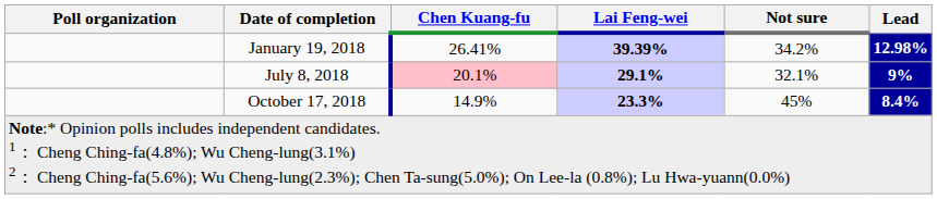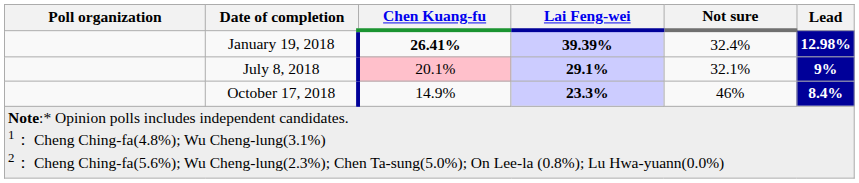 <table class="wikitable collapsible sortable" style="text-align:center">
 <tr>
 <th style="width:200px;">Poll organization</th>
 <th style="width:150px;">Date of completion</th>
 <th style="width:150px; border-bottom:4px solid #1B9431;"> <a href='#'>Chen Kuang-fu</a></th>
 <th style="width:150px; border-bottom:4px solid #000099;"> <a href='#'>Lai Feng-wei</a></th>
 <th style="width:130px; border-bottom:4px solid #707070;"> Not sure</th>
 <th style="width:40px;">Lead</th>
 </tr>
 <tr>
 <td></td>
 <td>January 19, 2018</td>
-<td style="border-left:4px solid #000099;">26.41%</td>
+<td style="border-left:4px solid #000099;"><strong>26.41%</strong></td>
 <td style="background-color:#CCCCFF;"><strong>39.39%</strong></td>
-<td>34.2%</td>
+<td>32.4%</td>
 <td style="background:#000099; color:white"><strong>12.98%</strong></td>
 </tr>
 <tr>
 <td></td>
 <td>July 8, 2018</td>
 <td style="background: pink; border-left:4px solid #000099;">20.1%</td>
 <td style="background-color:#CCCCFF;"><strong>29.1%</strong></td>
 <td>32.1%</td>
 <td style="background:#000099; color:white"><strong>9%</strong></td>
 </tr>
 <tr>
 <td></td>
 <td>October 17, 2018</td>
 <td style="border-left:4px solid #000099;">14.9%</td>
 <td style="background-color:#CCCCFF;"><strong>23.3%</strong></td>
-<td>45%</td>
+<td>46%</td>
 <td style="background:#000099; color:white"><strong>8.4%</strong></td>
 </tr>
 <tr>
 <td colspan="7" style="background-color:#EEEEEE;" align=left><div><strong>Note</strong>:* Opinion polls includes independent candidates.<br><sup>1</sup>： Cheng Ching-fa(4.8%); Wu Cheng-lung(3.1%)<br> <sup>2</sup>： Cheng Ching-fa(5.6%); Wu Cheng-lung(2.3%); Chen Ta-sung(5.0%); On Lee-la (0.8%); Lu Hwa-yuann(0.0%) <br> </div></td>
 </tr>
 </table>
